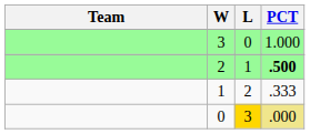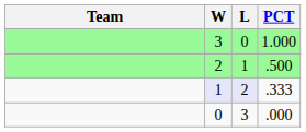 <table class="wikitable" style="text-align:center;">
 <tr>
 <th width=200px>Team</th>
 <th width=20px>W</th>
 <th width=20px>L</th>
 <th width=30px><a href='#'>PCT</a></th>
 </tr>
 <tr>
 </tr>
 <tr bgcolor=#98fb98>
 <td align=left></td>
 <td>3</td>
 <td>0</td>
 <td>1.000</td>
 </tr>
 <tr>
 </tr>
 <tr bgcolor=#98fb98>
 <td align=left></td>
 <td>2</td>
 <td>1</td>
-<td><strong>.500</strong></td>
+<td>.500</td>
 </tr>
 <tr>
 <td align=left></td>
-<td>1</td>
-<td>2</td>
+<td style="background: lavender;">1</td>
+<td style="background: lavender;">2</td>
 <td>.333</td>
 </tr>
 <tr>
 <td align=left></td>
 <td>0</td>
-<td style="background: gold;">3</td>
-<td style="background: khaki;">.000</td>
+<td>3</td>
+<td>.000</td>
 </tr>
 </table>
